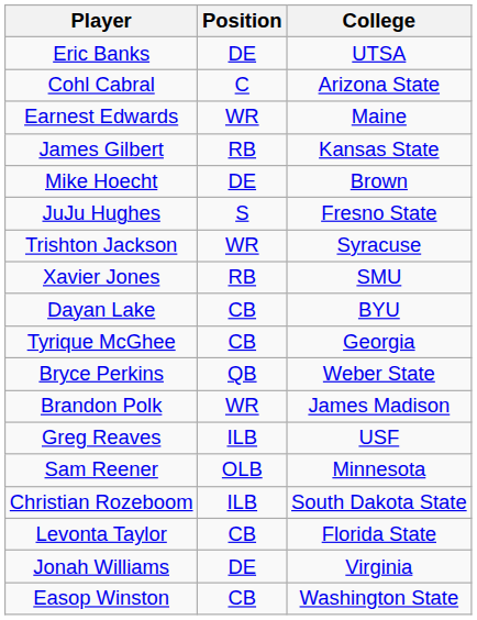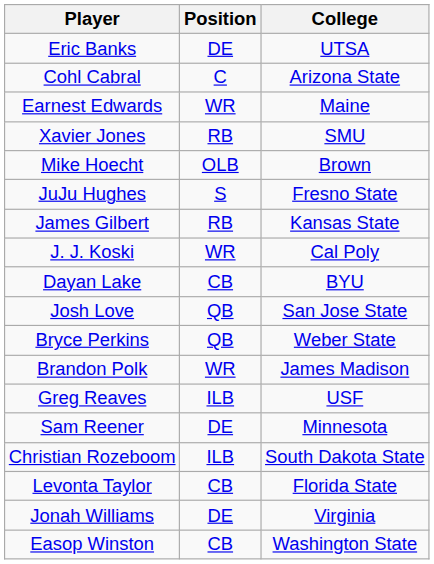 <table class="wikitable" style="text-align:center">
 <tr>
 <th>Player</th>
 <th>Position</th>
 <th>College</th>
 </tr>
 <tr>
 <td><a href='#'>Eric Banks</a></td>
 <td><a href='#'>DE</a></td>
 <td><a href='#'>UTSA</a></td>
 </tr>
 <tr>
 <td><a href='#'>Cohl Cabral</a></td>
 <td><a href='#'>C</a></td>
 <td><a href='#'>Arizona State</a></td>
 </tr>
 <tr>
 <td><a href='#'>Earnest Edwards</a></td>
 <td><a href='#'>WR</a></td>
 <td><a href='#'>Maine</a></td>
 </tr>
 <tr>
-<td><a href='#'>James Gilbert</a></td>
+<td><a href='#'>Xavier Jones</a></td>
 <td><a href='#'>RB</a></td>
-<td><a href='#'>Kansas State</a></td>
+<td><a href='#'>SMU</a></td>
 </tr>
 <tr>
 <td><a href='#'>Mike Hoecht</a></td>
-<td><a href='#'>DE</a></td>
+<td><a href='#'>OLB</a></td>
 <td><a href='#'>Brown</a></td>
 </tr>
 <tr>
 <td><a href='#'>JuJu Hughes</a></td>
 <td><a href='#'>S</a></td>
 <td><a href='#'>Fresno State</a></td>
 </tr>
 <tr>
-<td><a href='#'>Trishton Jackson</a></td>
-<td><a href='#'>WR</a></td>
-<td><a href='#'>Syracuse</a></td>
+<td><a href='#'>James Gilbert</a></td>
+<td><a href='#'>RB</a></td>
+<td><a href='#'>Kansas State</a></td>
 </tr>
 <tr>
-<td><a href='#'>Xavier Jones</a></td>
-<td><a href='#'>RB</a></td>
-<td><a href='#'>SMU</a></td>
+<td><a href='#'>J. J. Koski</a></td>
+<td><a href='#'>WR</a></td>
+<td><a href='#'>Cal Poly</a></td>
 </tr>
 <tr>
 <td><a href='#'>Dayan Lake</a></td>
 <td><a href='#'>CB</a></td>
 <td><a href='#'>BYU</a></td>
 </tr>
 <tr>
-<td><a href='#'>Tyrique McGhee</a></td>
-<td><a href='#'>CB</a></td>
-<td><a href='#'>Georgia</a></td>
+<td><a href='#'>Josh Love</a></td>
+<td><a href='#'>QB</a></td>
+<td><a href='#'>San Jose State</a></td>
 </tr>
 <tr>
 <td><a href='#'>Bryce Perkins</a></td>
 <td><a href='#'>QB</a></td>
 <td><a href='#'>Weber State</a></td>
 </tr>
 <tr>
 <td><a href='#'>Brandon Polk</a></td>
 <td><a href='#'>WR</a></td>
 <td><a href='#'>James Madison</a></td>
 </tr>
 <tr>
 <td><a href='#'>Greg Reaves</a></td>
 <td><a href='#'>ILB</a></td>
 <td><a href='#'>USF</a></td>
 </tr>
 <tr>
 <td><a href='#'>Sam Reener</a></td>
-<td><a href='#'>OLB</a></td>
+<td><a href='#'>DE</a></td>
 <td><a href='#'>Minnesota</a></td>
 </tr>
 <tr>
 <td><a href='#'>Christian Rozeboom</a></td>
 <td><a href='#'>ILB</a></td>
 <td><a href='#'>South Dakota State</a></td>
 </tr>
 <tr>
 <td><a href='#'>Levonta Taylor</a></td>
 <td><a href='#'>CB</a></td>
 <td><a href='#'>Florida State</a></td>
 </tr>
 <tr>
 <td><a href='#'>Jonah Williams</a></td>
 <td><a href='#'>DE</a></td>
 <td><a href='#'>Virginia</a></td>
 </tr>
 <tr>
 <td><a href='#'>Easop Winston</a></td>
 <td><a href='#'>CB</a></td>
 <td><a href='#'>Washington State</a></td>
 </tr>
 </table>
